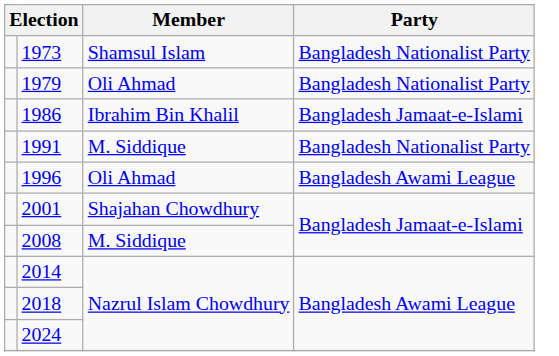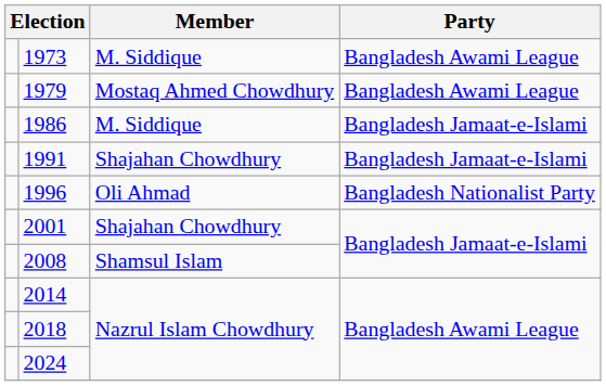 <table class="wikitable">
 <tr>
 <th colspan="2">Election</th>
 <th>Member</th>
 <th>Party</th>
 </tr>
 <tr>
 <td style="background-color:"></td>
 <td><a href='#'>1973</a></td>
-<td><a href='#'>Shamsul Islam</a></td>
-<td><a href='#'>Bangladesh Nationalist Party</a></td>
+<td><a href='#'>M. Siddique</a></td>
+<td><a href='#'>Bangladesh Awami League</a></td>
 </tr>
 <tr>
 <td style="background-color:"></td>
 <td><a href='#'>1979</a></td>
-<td><a href='#'>Oli Ahmad</a></td>
-<td><a href='#'>Bangladesh Nationalist Party</a></td>
+<td><a href='#'>Mostaq Ahmed Chowdhury</a></td>
+<td><a href='#'>Bangladesh Awami League</a></td>
 </tr>
 <tr>
 <td style="background-color:"></td>
 <td><a href='#'>1986</a></td>
-<td><a href='#'>Ibrahim Bin Khalil</a></td>
+<td><a href='#'>M. Siddique</a></td>
 <td><a href='#'>Bangladesh Jamaat-e-Islami</a></td>
 </tr>
 <tr>
 <td style="background-color:"></td>
 <td><a href='#'>1991</a></td>
-<td><a href='#'>M. Siddique</a></td>
-<td><a href='#'>Bangladesh Nationalist Party</a></td>
+<td><a href='#'>Shajahan Chowdhury</a></td>
+<td><a href='#'>Bangladesh Jamaat-e-Islami</a></td>
 </tr>
 <tr>
 <td style="background-color:"></td>
 <td><a href='#'>1996</a></td>
 <td><a href='#'>Oli Ahmad</a></td>
-<td><a href='#'>Bangladesh Awami League</a></td>
+<td><a href='#'>Bangladesh Nationalist Party</a></td>
 </tr>
 <tr>
 <td style="background-color:"></td>
 <td><a href='#'>2001</a></td>
 <td><a href='#'>Shajahan Chowdhury</a></td>
 <td rowspan="2"><a href='#'>Bangladesh Jamaat-e-Islami</a></td>
 </tr>
 <tr>
 <td style="background-color:"></td>
 <td><a href='#'>2008</a></td>
-<td><a href='#'>M. Siddique</a></td>
+<td><a href='#'>Shamsul Islam</a></td>
 </tr>
 <tr>
 <td style="background-color:"></td>
 <td><a href='#'>2014</a></td>
 <td rowspan="3"><a href='#'>Nazrul Islam Chowdhury</a></td>
 <td rowspan="3"><a href='#'>Bangladesh Awami League</a></td>
 </tr>
 <tr>
 <td style="background-color:"></td>
 <td><a href='#'>2018</a></td>
 </tr>
 <tr>
 <td style="background-color:"></td>
 <td><a href='#'>2024</a></td>
 </tr>
 <tr>
 </tr>
 </table>
